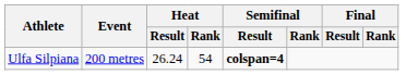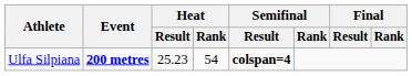 <table class="wikitable" style="font-size:90%">
 <tr>
 <th rowspan="2">Athlete</th>
 <th rowspan="2">Event</th>
 <th colspan="2">Heat</th>
 <th colspan="2">Semifinal</th>
 <th colspan="2">Final</th>
 </tr>
 <tr style="font-size:95%">
 <th>Result</th>
 <th>Rank</th>
 <th>Result</th>
 <th>Rank</th>
 <th>Result</th>
 <th>Rank</th>
 </tr>
 <tr style=text-align:center>
 <td style=text-align:left><a href='#'>Ulfa Silpiana</a></td>
-<td style=text-align:left><a href='#'>200 metres</a></td>
-<td>26.24</td>
+<td style=text-align:left><strong><a href='#'>200 metres</a></strong></td>
+<td>25.23</td>
 <td>54</td>
 <td><strong>colspan=4 </strong></td>
 </tr>
 </table>
